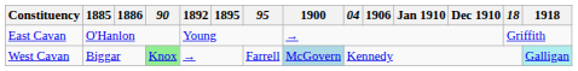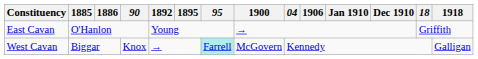 <table class="wikitable">
 <tr>
 <th>Constituency</th>
 <th>1885</th>
 <th>1886</th>
 <th><em>90</em></th>
 <th>1892</th>
 <th>1895</th>
 <th><em>95</em></th>
 <th>1900</th>
 <th><em>04</em></th>
 <th>1906</th>
 <th>Jan 1910</th>
 <th>Dec 1910</th>
 <th><em>18</em></th>
 <th>1918</th>
 </tr>
 <tr>
 <td><a href='#'>East Cavan</a></td>
 <td colspan="3"><a href='#'>O'Hanlon</a></td>
 <td colspan="3"><a href='#'>Young</a></td>
 <td colspan="5"><a href='#'>→</a></td>
 <td colspan="2"><a href='#'>Griffith</a></td>
 </tr>
 <tr>
 <td><a href='#'>West Cavan</a></td>
 <td colspan="2"><a href='#'>Biggar</a></td>
-<td style="background: lightgreen;"><a href='#'>Knox</a></td>
+<td><a href='#'>Knox</a></td>
 <td colspan="2"><a href='#'>→</a></td>
-<td><a href='#'>Farrell</a></td>
-<td style="background: lightblue;"><a href='#'>McGovern</a></td>
+<td style="background: paleturquoise;"><a href='#'>Farrell</a></td>
+<td><a href='#'>McGovern</a></td>
 <td colspan="5"><a href='#'>Kennedy</a></td>
-<td style="background: paleturquoise;"><a href='#'>Galligan</a></td>
+<td><a href='#'>Galligan</a></td>
 </tr>
 </table>
